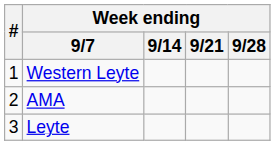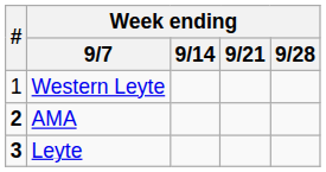 <table class=wikitable style="font-size:92%;">
 <tr>
 <th rowspan=2>#</th>
 <th colspan=9>Week ending</th>
 </tr>
 <tr>
 <th>9/7</th>
 <th>9/14</th>
 <th>9/21</th>
 <th>9/28</th>
 </tr>
 <tr>
 <td>1</td>
 <td><a href='#'>Western Leyte</a></td>
 <td></td>
 <td></td>
 <td></td>
 </tr>
 <tr>
-<td>2</td>
+<td><strong>2</strong></td>
 <td><a href='#'>AMA</a></td>
 <td></td>
 <td></td>
 <td></td>
 </tr>
 <tr>
-<td>3</td>
+<td><strong>3</strong></td>
 <td><a href='#'>Leyte</a></td>
 <td></td>
 <td></td>
 <td></td>
 </tr>
 </table>
